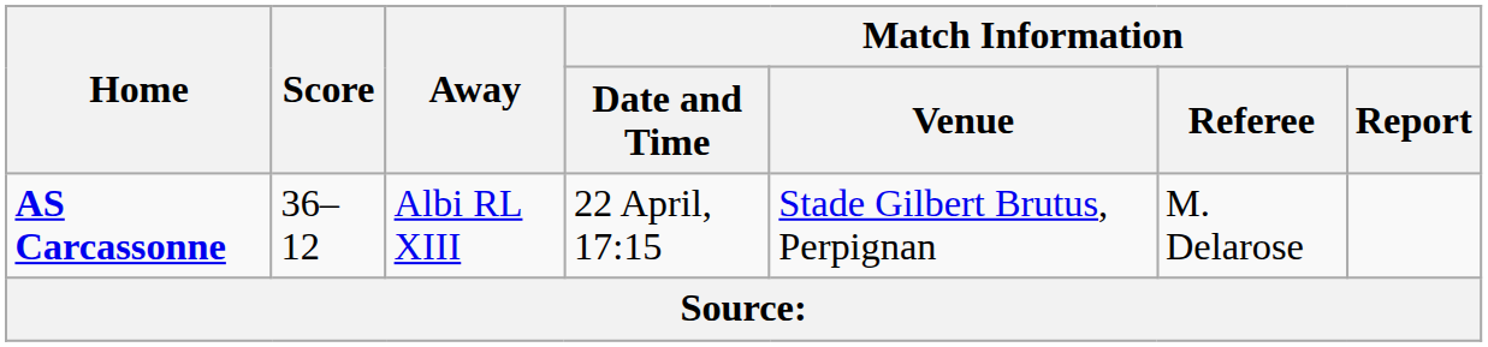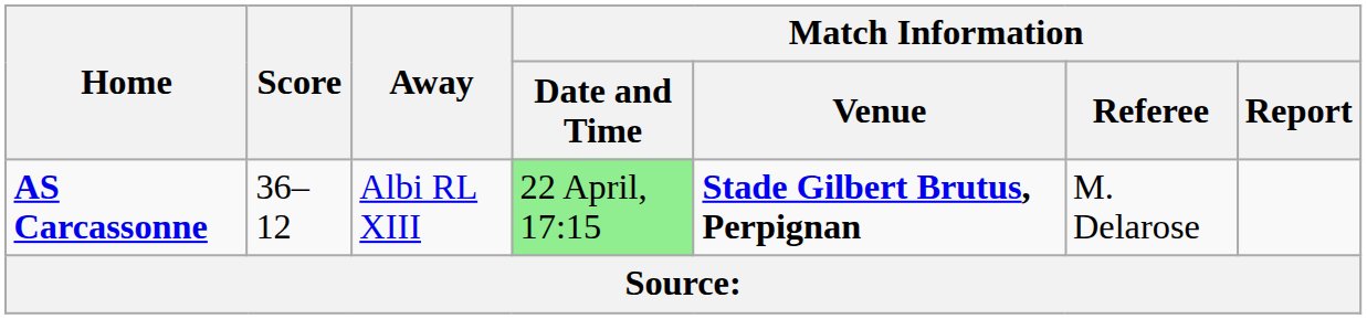 <table class="wikitable defaultcenter col1left col3left">
 <tr>
 <th scope="col" rowspan=2>Home</th>
 <th scope="col" rowspan=2>Score</th>
 <th scope="col" rowspan=2>Away</th>
 <th scope="col" colspan=4>Match Information</th>
 </tr>
 <tr>
 <th scope="col">Date and Time</th>
 <th scope="col">Venue</th>
 <th scope="col">Referee</th>
 <th scope="col">Report</th>
 </tr>
 <tr>
 <td> <strong><a href='#'>AS Carcassonne</a></strong></td>
 <td>36–12</td>
 <td> <a href='#'>Albi RL XIII</a></td>
-<td>22 April, 17:15</td>
-<td><a href='#'>Stade Gilbert Brutus</a>, Perpignan</td>
+<td style="background: lightgreen;">22 April, 17:15</td>
+<td><strong><a href='#'>Stade Gilbert Brutus</a>, Perpignan</strong></td>
 <td>M. Delarose</td>
 <td></td>
 </tr>
 <tr>
 <th colspan=7>Source:</th>
 </tr>
 </table>
